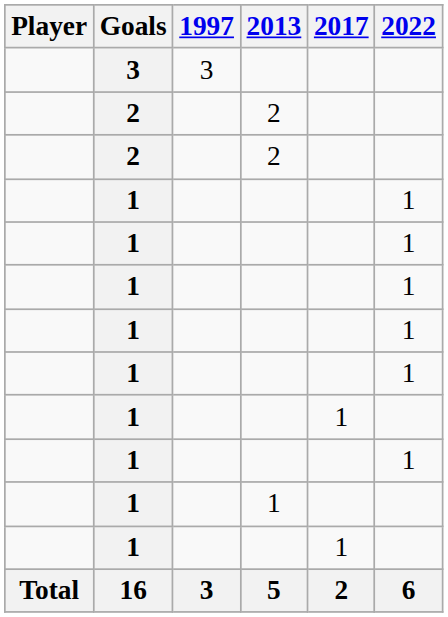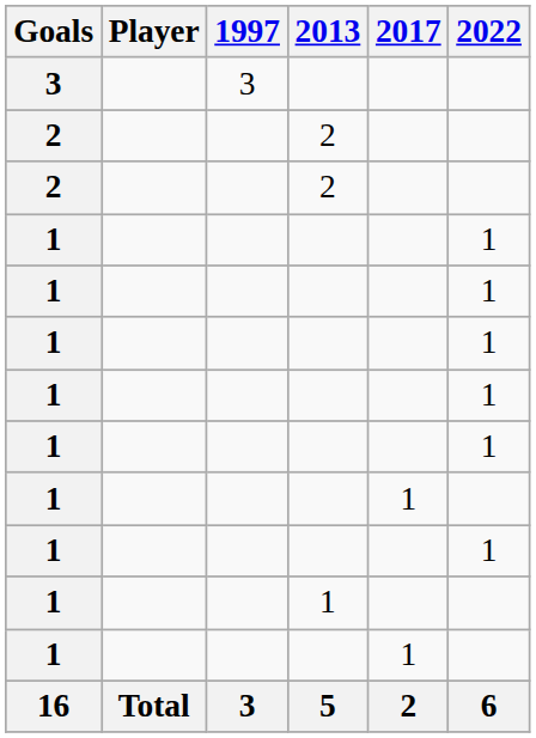 <table class="wikitable sortable" style="text-align:center;">
 <tr>
+<th>Goals</th>
 <th>Player</th>
-<th>Goals</th>
 <th><a href='#'>1997</a></th>
 <th><a href='#'>2013</a></th>
 <th><a href='#'>2017</a></th>
 <th><a href='#'>2022</a></th>
 </tr>
 <tr>
+<th>3</th>
 <td align="left"></td>
-<th>3</th>
 <td>3</td>
 <td></td>
 <td></td>
 <td></td>
 </tr>
 <tr>
+<th>2</th>
 <td align="left"></td>
-<th>2</th>
 <td></td>
 <td>2</td>
 <td></td>
 <td></td>
 </tr>
 <tr>
+<th>2</th>
 <td align="left"></td>
-<th>2</th>
 <td></td>
 <td>2</td>
 <td></td>
 <td></td>
 </tr>
 <tr>
+<th>1</th>
 <td align="left"></td>
-<th>1</th>
 <td></td>
 <td></td>
 <td></td>
 <td>1</td>
 </tr>
 <tr>
+<th>1</th>
 <td align="left"></td>
-<th>1</th>
 <td></td>
 <td></td>
 <td></td>
 <td>1</td>
 </tr>
 <tr>
+<th>1</th>
 <td align="left"></td>
-<th>1</th>
 <td></td>
 <td></td>
 <td></td>
 <td>1</td>
 </tr>
 <tr>
+<th>1</th>
 <td align="left"></td>
-<th>1</th>
 <td></td>
 <td></td>
 <td></td>
 <td>1</td>
 </tr>
 <tr>
+<th>1</th>
 <td align="left"></td>
-<th>1</th>
 <td></td>
 <td></td>
 <td></td>
 <td>1</td>
 </tr>
 <tr>
+<th>1</th>
 <td align="left"></td>
-<th>1</th>
 <td></td>
 <td></td>
 <td>1</td>
 <td></td>
 </tr>
 <tr>
+<th>1</th>
 <td align="left"></td>
-<th>1</th>
 <td></td>
 <td></td>
 <td></td>
 <td>1</td>
 </tr>
 <tr>
+<th>1</th>
 <td align="left"></td>
-<th>1</th>
 <td></td>
 <td>1</td>
 <td></td>
 <td></td>
 </tr>
 <tr>
+<th>1</th>
 <td align="left"></td>
-<th>1</th>
 <td></td>
 <td></td>
 <td>1</td>
 <td></td>
 </tr>
 <tr class="sortbottom">
+<th>16</th>
 <th>Total</th>
-<th>16</th>
 <th>3</th>
 <th>5</th>
 <th>2</th>
 <th>6</th>
 </tr>
 </table>
